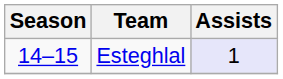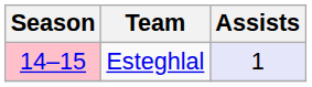 <table class="wikitable" style="text-align: center;">
 <tr>
 <th>Season</th>
 <th>Team</th>
 <th>Assists</th>
 </tr>
 <tr>
-<td><a href='#'>14–15</a></td>
+<td style="background: pink;"><a href='#'>14–15</a></td>
 <td align="left"><a href='#'>Esteghlal</a></td>
 <td style="background: lavender;">1</td>
 </tr>
 <tr>
 </tr>
 </table>
